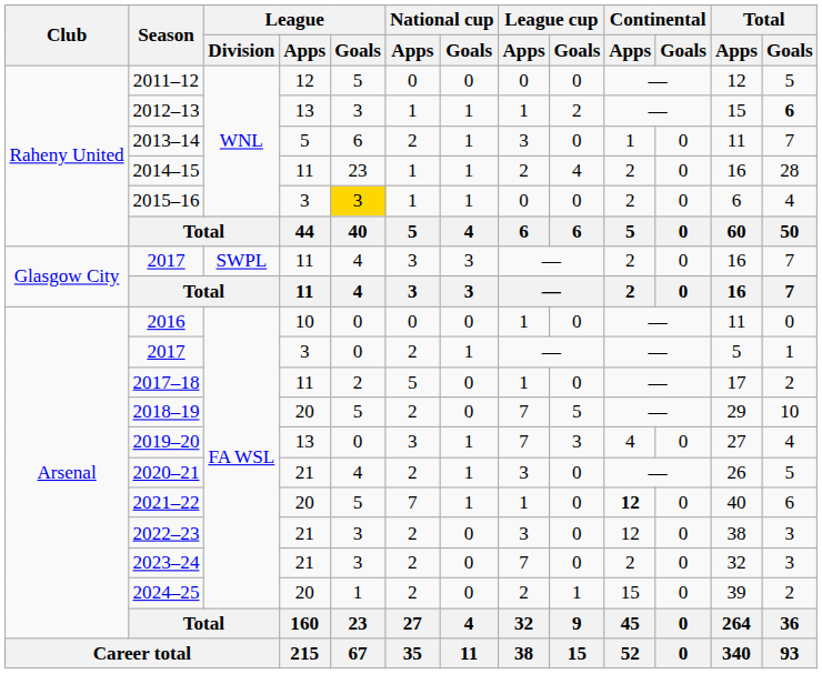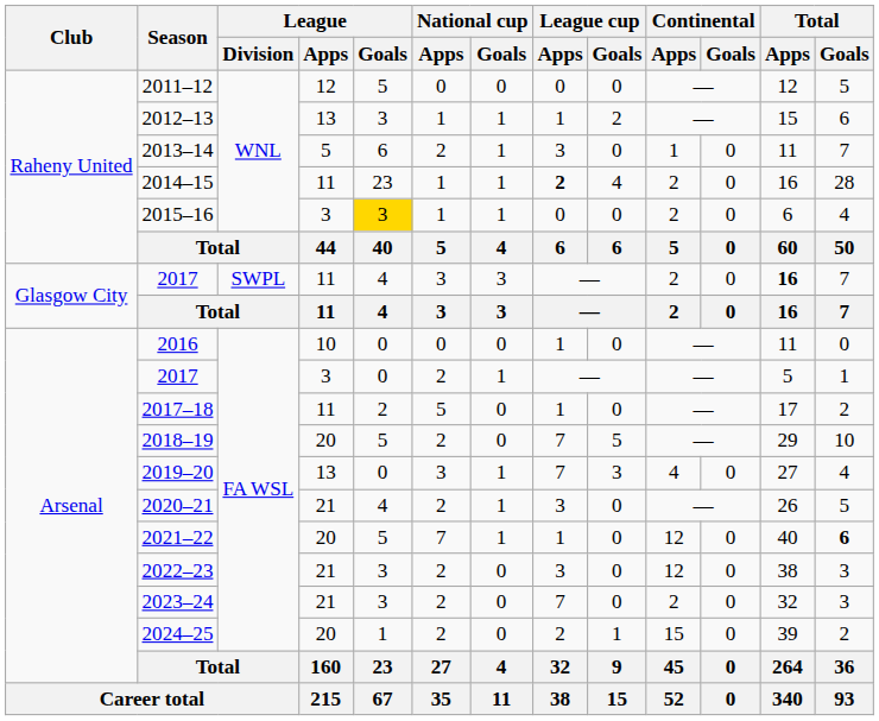 <table class="wikitable" style="text-align:center">
 <tr>
 <th rowspan="2">Club</th>
 <th rowspan="2">Season</th>
 <th colspan="3">League</th>
 <th colspan="2">National cup</th>
 <th colspan="2">League cup</th>
 <th colspan="2">Continental</th>
 <th colspan="2">Total</th>
 </tr>
 <tr>
 <th>Division</th>
 <th>Apps</th>
 <th>Goals</th>
 <th>Apps</th>
 <th>Goals</th>
 <th>Apps</th>
 <th>Goals</th>
 <th>Apps</th>
 <th>Goals</th>
 <th>Apps</th>
 <th>Goals</th>
 </tr>
 <tr>
 <td rowspan="6"><a href='#'>Raheny United</a></td>
 <td>2011–12</td>
 <td rowspan="5"><a href='#'>WNL</a></td>
 <td>12</td>
 <td>5</td>
 <td>0</td>
 <td>0</td>
 <td>0</td>
 <td>0</td>
 <td colspan="2">—</td>
 <td>12</td>
 <td>5</td>
 </tr>
 <tr>
 <td>2012–13</td>
 <td>13</td>
 <td>3</td>
 <td>1</td>
 <td>1</td>
 <td>1</td>
 <td>2</td>
 <td colspan="2">—</td>
 <td>15</td>
-<td><strong>6</strong></td>
+<td>6</td>
 </tr>
 <tr>
 <td>2013–14</td>
 <td>5</td>
 <td>6</td>
 <td>2</td>
 <td>1</td>
 <td>3</td>
 <td>0</td>
 <td>1</td>
 <td>0</td>
 <td>11</td>
 <td>7</td>
 </tr>
 <tr>
 <td>2014–15</td>
 <td>11</td>
 <td>23</td>
 <td>1</td>
 <td>1</td>
-<td>2</td>
+<td><strong>2</strong></td>
 <td>4</td>
 <td>2</td>
 <td>0</td>
 <td>16</td>
 <td>28</td>
 </tr>
 <tr>
 <td>2015–16</td>
 <td>3</td>
 <td style="background: gold;">3</td>
 <td>1</td>
 <td>1</td>
 <td>0</td>
 <td>0</td>
 <td>2</td>
 <td>0</td>
 <td>6</td>
 <td>4</td>
 </tr>
 <tr>
 <th colspan="2">Total</th>
 <th>44</th>
 <th>40</th>
 <th>5</th>
 <th>4</th>
 <th>6</th>
 <th>6</th>
 <th>5</th>
 <th>0</th>
 <th>60</th>
 <th>50</th>
 </tr>
 <tr>
 <td rowspan="2"><a href='#'>Glasgow City</a></td>
 <td><a href='#'>2017</a></td>
 <td><a href='#'>SWPL</a></td>
 <td>11</td>
 <td>4</td>
 <td>3</td>
 <td>3</td>
 <td colspan="2">—</td>
 <td>2</td>
 <td>0</td>
-<td>16</td>
+<td><strong>16</strong></td>
 <td>7</td>
 </tr>
 <tr>
 <th colspan="2">Total</th>
 <th>11</th>
 <th>4</th>
 <th>3</th>
 <th>3</th>
 <th colspan="2">—</th>
 <th>2</th>
 <th>0</th>
 <th>16</th>
 <th>7</th>
 </tr>
 <tr>
 <td rowspan="11"><a href='#'>Arsenal</a></td>
 <td><a href='#'>2016</a></td>
 <td rowspan="10"><a href='#'>FA WSL</a></td>
 <td>10</td>
 <td>0</td>
 <td>0</td>
 <td>0</td>
 <td>1</td>
 <td>0</td>
 <td colspan="2">—</td>
 <td>11</td>
 <td>0</td>
 </tr>
 <tr>
 <td><a href='#'>2017</a></td>
 <td>3</td>
 <td>0</td>
 <td>2</td>
 <td>1</td>
 <td colspan="2">—</td>
 <td colspan="2">—</td>
 <td>5</td>
 <td>1</td>
 </tr>
 <tr>
 <td><a href='#'>2017–18</a></td>
 <td>11</td>
 <td>2</td>
 <td>5</td>
 <td>0</td>
 <td>1</td>
 <td>0</td>
 <td colspan="2">—</td>
 <td>17</td>
 <td>2</td>
 </tr>
 <tr>
 <td><a href='#'>2018–19</a></td>
 <td>20</td>
 <td>5</td>
 <td>2</td>
 <td>0</td>
 <td>7</td>
 <td>5</td>
 <td colspan="2">—</td>
 <td>29</td>
 <td>10</td>
 </tr>
 <tr>
 <td><a href='#'>2019–20</a></td>
 <td>13</td>
 <td>0</td>
 <td>3</td>
 <td>1</td>
 <td>7</td>
 <td>3</td>
 <td>4</td>
 <td>0</td>
 <td>27</td>
 <td>4</td>
 </tr>
 <tr>
 <td><a href='#'>2020–21</a></td>
 <td>21</td>
 <td>4</td>
 <td>2</td>
 <td>1</td>
 <td>3</td>
 <td>0</td>
 <td colspan="2">—</td>
 <td>26</td>
 <td>5</td>
 </tr>
 <tr>
 <td><a href='#'>2021–22</a></td>
 <td>20</td>
 <td>5</td>
 <td>7</td>
 <td>1</td>
 <td>1</td>
 <td>0</td>
-<td><strong>12</strong></td>
+<td>12</td>
 <td>0</td>
 <td>40</td>
-<td>6</td>
+<td><strong>6</strong></td>
 </tr>
 <tr>
 <td><a href='#'>2022–23</a></td>
 <td>21</td>
 <td>3</td>
 <td>2</td>
 <td>0</td>
 <td>3</td>
 <td>0</td>
 <td>12</td>
 <td>0</td>
 <td>38</td>
 <td>3</td>
 </tr>
 <tr>
 <td><a href='#'>2023–24</a></td>
 <td>21</td>
 <td>3</td>
 <td>2</td>
 <td>0</td>
 <td>7</td>
 <td>0</td>
 <td>2</td>
 <td>0</td>
 <td>32</td>
 <td>3</td>
 </tr>
 <tr>
 <td><a href='#'>2024–25</a></td>
 <td>20</td>
 <td>1</td>
 <td>2</td>
 <td>0</td>
 <td>2</td>
 <td>1</td>
 <td>15</td>
 <td>0</td>
 <td>39</td>
 <td>2</td>
 </tr>
 <tr>
 <th colspan="2">Total</th>
 <th>160</th>
 <th>23</th>
 <th>27</th>
 <th>4</th>
 <th>32</th>
 <th>9</th>
 <th>45</th>
 <th>0</th>
 <th>264</th>
 <th>36</th>
 </tr>
 <tr>
 <th colspan="3">Career total</th>
 <th>215</th>
 <th>67</th>
 <th>35</th>
 <th>11</th>
 <th>38</th>
 <th>15</th>
 <th>52</th>
 <th>0</th>
 <th>340</th>
 <th>93</th>
 </tr>
 </table>
